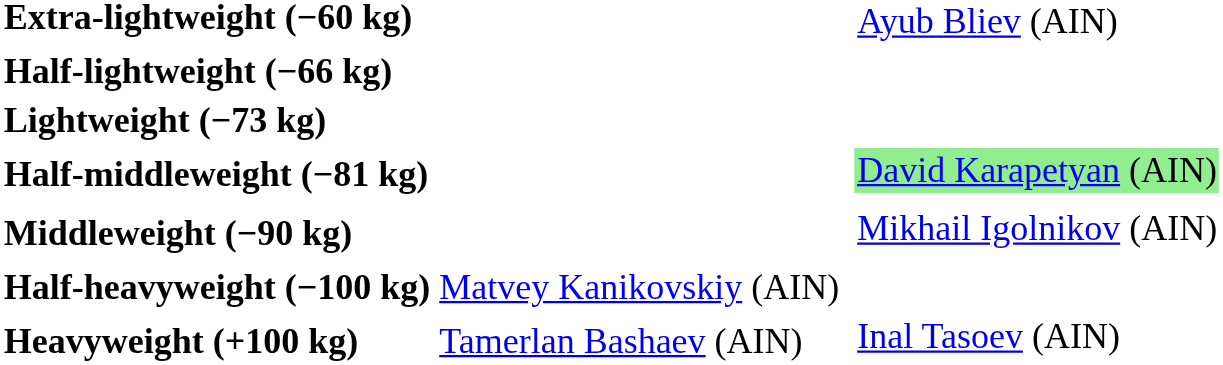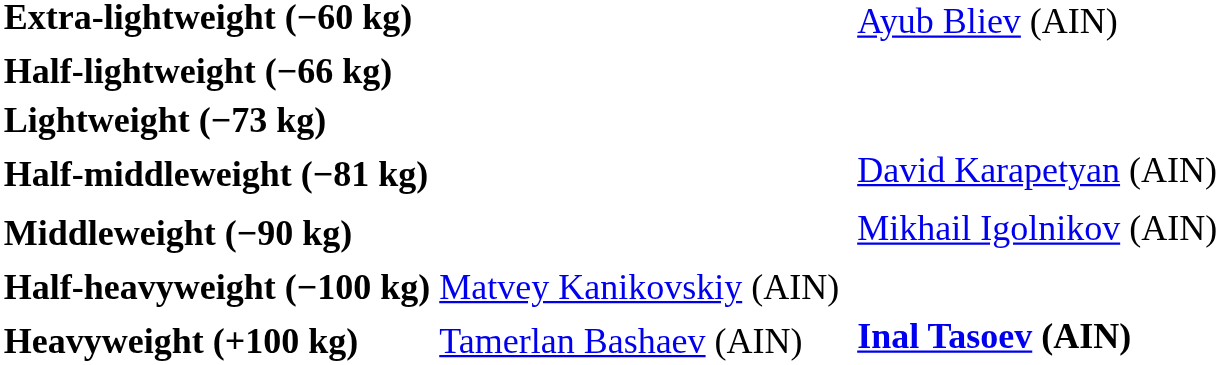 <table>
 <tr>
 <th rowspan=2 style="text-align:left;">Extra-lightweight (−60 kg)</th>
 <td rowspan=2></td>
 <td rowspan=2></td>
 <td></td>
 </tr>
 <tr>
 <td> <a href='#'>Ayub Bliev</a> <span>(<abbr>AIN</abbr>)</span></td>
 </tr>
 <tr>
 <th rowspan=2 style="text-align:left;">Half-lightweight (−66 kg)</th>
 <td rowspan=2></td>
 <td rowspan=2></td>
 <td></td>
 </tr>
 <tr>
 <td></td>
 </tr>
 <tr>
 <th rowspan=2 style="text-align:left;">Lightweight (−73 kg)</th>
 <td rowspan=2></td>
 <td rowspan=2></td>
 <td></td>
 </tr>
 <tr>
 <td></td>
 </tr>
 <tr>
 <th rowspan=2 style="text-align:left;">Half-middleweight (−81 kg)</th>
 <td rowspan=2></td>
 <td rowspan=2></td>
-<td style="background: lightgreen;"> <a href='#'>David Karapetyan</a> <span>(<abbr>AIN</abbr>)</span></td>
+<td> <a href='#'>David Karapetyan</a> <span>(<abbr>AIN</abbr>)</span></td>
 </tr>
 <tr>
 <td></td>
 </tr>
 <tr>
 <th rowspan=2 style="text-align:left;">Middleweight (−90 kg)</th>
 <td rowspan=2></td>
 <td rowspan=2></td>
 <td> <a href='#'>Mikhail Igolnikov</a> <span>(<abbr>AIN</abbr>)</span></td>
 </tr>
 <tr>
 <td></td>
 </tr>
 <tr>
 <th rowspan=2 style="text-align:left;">Half-heavyweight (−100 kg)</th>
 <td rowspan=2> <a href='#'>Matvey Kanikovskiy</a> <span>(<abbr>AIN</abbr>)</span></td>
 <td rowspan=2></td>
 <td></td>
 </tr>
 <tr>
 <td></td>
 </tr>
 <tr>
 <th rowspan=2 style="text-align:left;">Heavyweight (+100 kg)</th>
 <td rowspan=2> <a href='#'>Tamerlan Bashaev</a> <span>(<abbr>AIN</abbr>)</span></td>
 <td rowspan=2></td>
-<td> <a href='#'>Inal Tasoev</a> <span>(<abbr>AIN</abbr>)</span></td>
+<td><strong> <a href='#'>Inal Tasoev</a> <span>(<abbr>AIN</abbr>)</span></strong></td>
 </tr>
 <tr>
 <td></td>
 </tr>
 </table>
